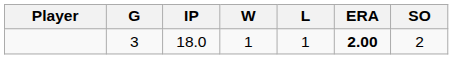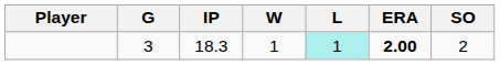 <table class="wikitable sortable">
 <tr>
 <th bgcolor="#DDDDFF" width="16%">Player</th>
 <th bgcolor="#DDDDFF" width="9%">G</th>
 <th bgcolor="#DDDDFF" width="9%">IP</th>
 <th bgcolor="#DDDDFF" width="9%">W</th>
 <th bgcolor="#DDDDFF" width="9%">L</th>
 <th bgcolor="#DDDDFF" width="9%">ERA</th>
 <th bgcolor="#DDDDFF" width="9%">SO</th>
 </tr>
 <tr align="center">
 <td></td>
 <td>3</td>
-<td>18.0</td>
+<td>18.3</td>
 <td>1</td>
-<td>1</td>
+<td style="background: paleturquoise;">1</td>
 <td><strong>2.00</strong></td>
 <td>2</td>
 </tr>
 </table>
